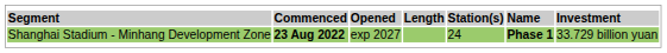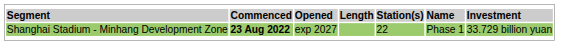 <table border=0 style="border:1px solid #999;background-color:white;text-align:left;font-size:90%" class="mw-collapsible">
 <tr>
 <th colspan="7" style="text-align: center"></th>
 </tr>
 <tr bgcolor=#cccccc>
 <th>Segment</th>
 <th>Commenced</th>
 <th>Opened</th>
 <th>Length</th>
 <th>Station(s)</th>
 <th>Name</th>
 <th>Investment</th>
 </tr>
 <tr bgcolor=#9bcb6c>
 <td style="text-align: left;">Shanghai Stadium - Minhang Development Zone</td>
 <td><strong>23 Aug 2022</strong></td>
 <td>exp 2027</td>
 <td></td>
-<td>24</td>
-<td style="text-align: left;"><strong>Phase 1</strong></td>
+<td>22</td>
+<td style="text-align: left;">Phase 1</td>
 <td rowspan=1>33.729 billion yuan</td>
 </tr>
 <tr style="background:#">
 <td colspan = "7"></td>
 </tr>
 </table>
